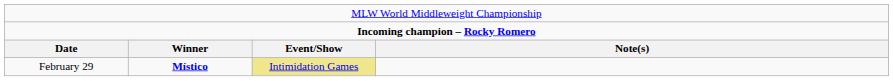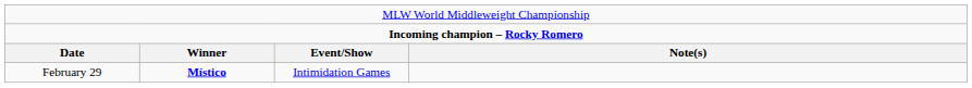 <table class="wikitable" style="text-align:center; width:100%;">
 <tr>
 <td colspan="4" style="text-align: center;"><a href='#'>MLW World Middleweight Championship</a></td>
 </tr>
 <tr>
 <td colspan="4" style="text-align: center;"><strong>Incoming champion – <a href='#'>Rocky Romero</a></strong></td>
 </tr>
 <tr>
 <th width=14%>Date</th>
 <th width=14%>Winner</th>
 <th width=14%>Event/Show</th>
 <th width=58%>Note(s)</th>
 </tr>
 <tr>
 <td>February 29</td>
 <td><strong><a href='#'>Místico</a></strong></td>
-<td style="background: khaki;"><a href='#'>Intimidation Games</a></td>
+<td><a href='#'>Intimidation Games</a></td>
 <td></td>
 </tr>
 </table>
